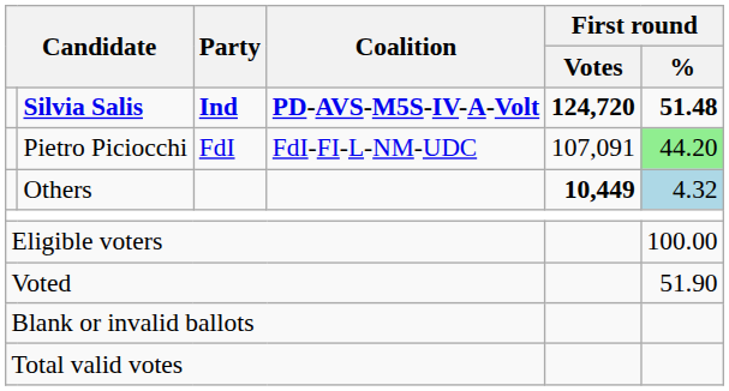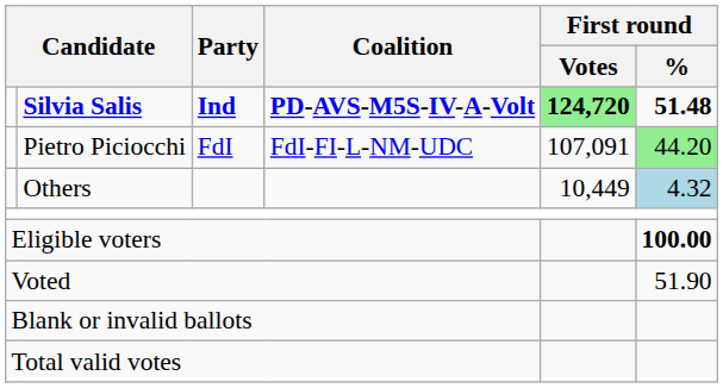 <table class="wikitable centre">
 <tr>
 <th scope="col" rowspan=2 colspan=2>Candidate</th>
 <th scope="col" rowspan=2 colspan=1>Party</th>
 <th scope="col" rowspan=2 colspan=1>Coalition</th>
 <th scope="col" colspan=2>First round</th>
 </tr>
 <tr>
 <th scope="col">Votes</th>
 <th scope="col">%</th>
 </tr>
 <tr>
 <td></td>
 <td><strong><a href='#'>Silvia Salis</a></strong></td>
 <td><strong><a href='#'>Ind</a></strong></td>
 <td><strong><a href='#'>PD</a>-<a href='#'>AVS</a>-<a href='#'>M5S</a>-<a href='#'>IV</a>-<a href='#'>A</a>-<a href='#'>Volt</a></strong></td>
-<td style="text-align: right"><strong>124,720</strong></td>
+<td style="background: lightgreen; text-align: right"><strong>124,720</strong></td>
 <td style="text-align: right"><strong>51.48</strong></td>
 </tr>
 <tr>
 <td></td>
 <td>Pietro Piciocchi</td>
 <td><a href='#'>FdI</a></td>
 <td><a href='#'>FdI</a>-<a href='#'>FI</a>-<a href='#'>L</a>-<a href='#'>NM</a>-<a href='#'>UDC</a></td>
 <td style="text-align: right">107,091</td>
 <td style="background: lightgreen; text-align: right">44.20</td>
 </tr>
 <tr>
 <td bgcolor=""></td>
 <td>Others</td>
 <td></td>
 <td></td>
-<td style="text-align: right"><strong>10,449</strong></td>
+<td style="text-align: right">10,449</td>
 <td style="background: lightblue; text-align: right">4.32</td>
 </tr>
 <tr bgcolor=white>
 <td colspan=8></td>
 </tr>
 <tr>
 <td colspan=4>Eligible voters</td>
 <td style="text-align: right"></td>
-<td style="text-align: right">100.00</td>
+<td style="text-align: right"><strong>100.00</strong></td>
 </tr>
 <tr>
 <td colspan=4>Voted</td>
 <td style="text-align: right"></td>
 <td style="text-align: right">51.90</td>
 </tr>
 <tr>
 <td colspan=4>Blank or invalid ballots</td>
 <td style="text-align: right"></td>
 <td style="text-align: right"></td>
 </tr>
 <tr>
 <td colspan=4>Total valid votes</td>
 <td style="text-align: right"></td>
 <td style="text-align: right"></td>
 </tr>
 </table>
